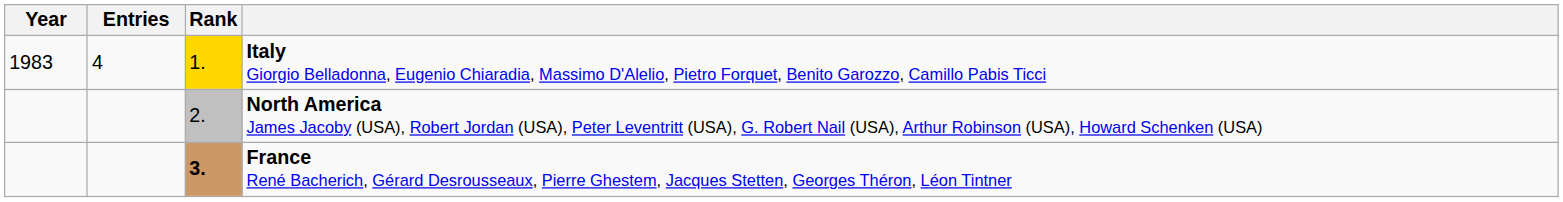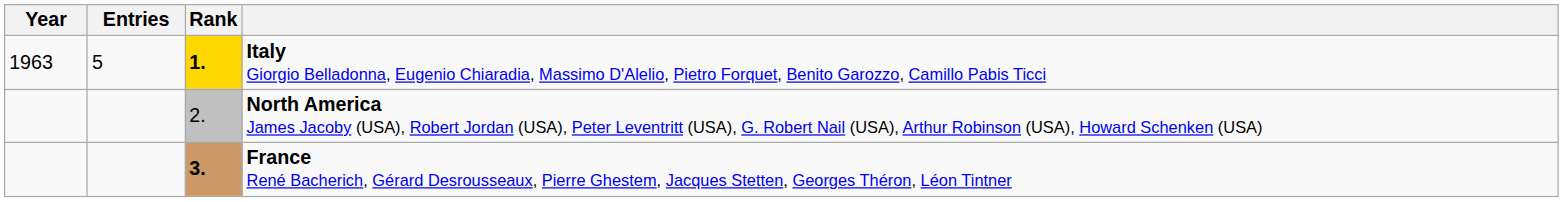 <table class="wikitable" style="width:100%;">
 <tr>
 <th>Year</th>
 <th>Entries</th>
 <th>Rank</th>
 <th></th>
 </tr>
 <tr>
-<td width=60>1983</td>
-<td>4</td>
-<td style="background:gold; width:30px;">1.</td>
+<td width=60>1963</td>
+<td>5</td>
+<td style="background:gold; width:30px;"><strong>1.</strong></td>
 <td> <strong>Italy</strong><br><small><a href='#'>Giorgio Belladonna</a>, <a href='#'>Eugenio Chiaradia</a>, <a href='#'>Massimo D'Alelio</a>, <a href='#'>Pietro Forquet</a>, <a href='#'>Benito Garozzo</a>, <a href='#'>Camillo Pabis Ticci</a></small></td>
 </tr>
 <tr>
 <td></td>
 <td></td>
 <td style="background:silver;">2.</td>
 <td> <strong>North America</strong><br><small><a href='#'>James Jacoby</a> (USA), <a href='#'>Robert Jordan</a> (USA), <a href='#'>Peter Leventritt</a> (USA), <a href='#'>G. Robert Nail</a> (USA), <a href='#'>Arthur Robinson</a> (USA), <a href='#'>Howard Schenken</a> (USA)</small></td>
 </tr>
 <tr>
 <td></td>
 <td></td>
 <td style="background:#c96;"><strong>3.</strong></td>
 <td> <strong>France</strong><br><small><a href='#'>René Bacherich</a>, <a href='#'>Gérard Desrousseaux</a>, <a href='#'>Pierre Ghestem</a>, <a href='#'>Jacques Stetten</a>, <a href='#'>Georges Théron</a>, <a href='#'>Léon Tintner</a></small></td>
 </tr>
 </table>
